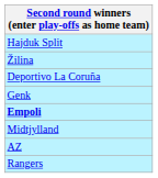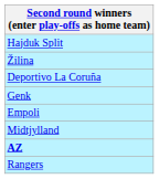 <table class="wikitable">
 <tr>
 <th width=210><a href='#'>Second round</a> winners<br>(enter <a href='#'>play-offs</a> as home team)</th>
 </tr>
 <tr>
 <td bgcolor=#BBF3FF> <a href='#'>Hajduk Split</a></td>
 </tr>
 <tr>
 <td bgcolor=#BBF3FF> <a href='#'>Žilina</a></td>
 </tr>
 <tr>
 <td bgcolor=#BBF3FF> <a href='#'>Deportivo La Coruña</a></td>
 </tr>
 <tr>
 <td bgcolor=#BBF3FF> <a href='#'>Genk</a></td>
 </tr>
 <tr>
-<td bgcolor=#BBF3FF><strong> <a href='#'>Empoli</a></strong></td>
+<td bgcolor=#BBF3FF> <a href='#'>Empoli</a></td>
 </tr>
 <tr>
 <td bgcolor=#BBF3FF> <a href='#'>Midtjylland</a></td>
 </tr>
 <tr>
-<td bgcolor=#BBF3FF> <a href='#'>AZ</a></td>
+<td bgcolor=#BBF3FF><strong> <a href='#'>AZ</a></strong></td>
 </tr>
 <tr>
 <td bgcolor=#BBF3FF> <a href='#'>Rangers</a></td>
 </tr>
 </table>
